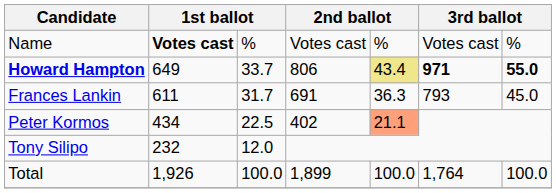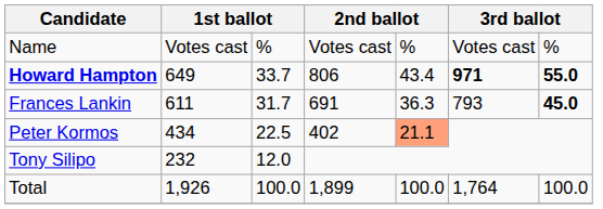 <table class="wikitable">
 <tr>
 <th colspan = "1">Candidate</th>
 <th colspan = "2">1st ballot</th>
 <th colspan = "2">2nd ballot</th>
 <th colspan = "2">3rd ballot</th>
 </tr>
 <tr>
 <td>Name</td>
-<td><strong>Votes cast</strong></td>
+<td>Votes cast</td>
 <td>%</td>
 <td>Votes cast</td>
 <td>%</td>
 <td>Votes cast</td>
 <td>%</td>
 </tr>
 <tr>
 <td><strong><a href='#'>Howard Hampton</a></strong></td>
 <td>649</td>
 <td>33.7</td>
 <td>806</td>
-<td style="background: khaki;">43.4</td>
+<td>43.4</td>
 <td><strong>971</strong></td>
 <td><strong>55.0</strong></td>
 </tr>
 <tr>
 <td><a href='#'>Frances Lankin</a></td>
 <td>611</td>
 <td>31.7</td>
 <td>691</td>
 <td>36.3</td>
 <td>793</td>
-<td>45.0</td>
+<td><strong>45.0</strong></td>
 </tr>
 <tr>
 <td><a href='#'>Peter Kormos</a></td>
 <td>434</td>
 <td>22.5</td>
 <td>402</td>
 <td style="background: lightsalmon;">21.1</td>
 </tr>
 <tr>
 <td><a href='#'>Tony Silipo</a></td>
 <td>232</td>
 <td>12.0</td>
 </tr>
 <tr>
 <td>Total</td>
 <td>1,926</td>
 <td>100.0</td>
 <td>1,899</td>
 <td>100.0</td>
 <td>1,764</td>
 <td>100.0</td>
 </tr>
 <tr>
 </tr>
 </table>
